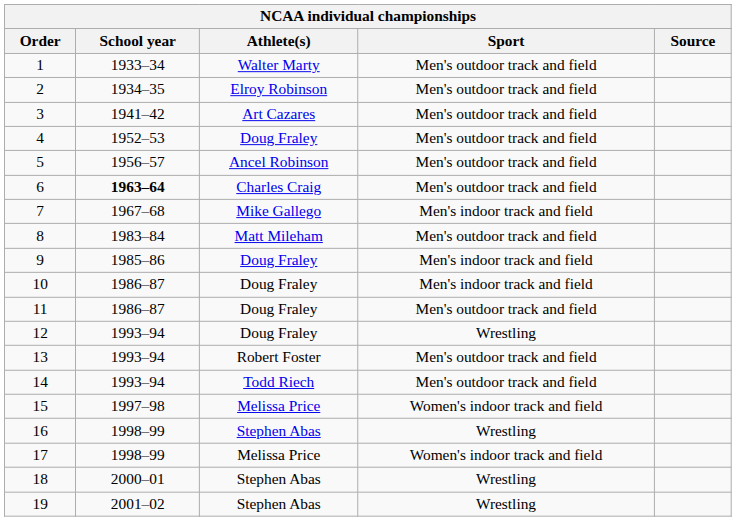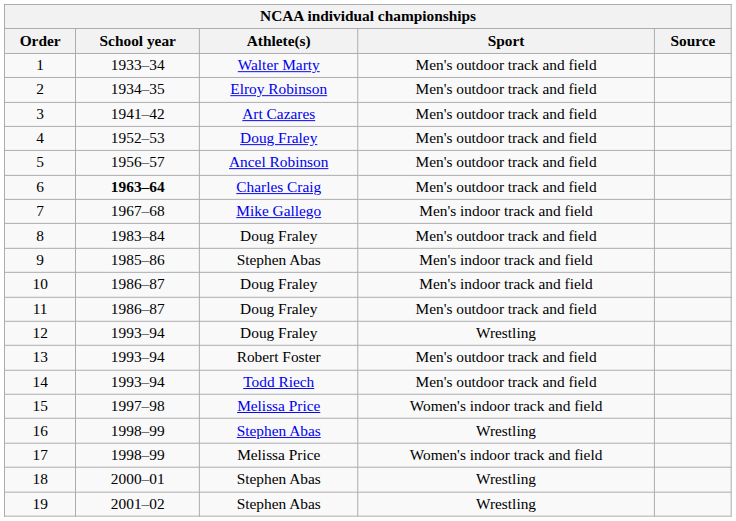 <table class="wikitable sortable" width="60%">
 <tr align="center">
 <th colspan=5>NCAA individual championships</th>
 </tr>
 <tr>
 <th>Order</th>
 <th>School year</th>
 <th>Athlete(s)</th>
 <th>Sport</th>
 <th>Source</th>
 </tr>
 <tr align="center" bgcolor="">
 <td>1</td>
 <td>1933–34</td>
 <td><a href='#'>Walter Marty</a></td>
 <td>Men's outdoor track and field</td>
 <td></td>
 </tr>
 <tr align="center" bgcolor="">
 <td>2</td>
 <td>1934–35</td>
 <td><a href='#'>Elroy Robinson</a></td>
 <td>Men's outdoor track and field</td>
 <td></td>
 </tr>
 <tr align="center" bgcolor="">
 <td>3</td>
 <td>1941–42</td>
 <td><a href='#'>Art Cazares</a></td>
 <td>Men's outdoor track and field</td>
 <td></td>
 </tr>
 <tr align="center" bgcolor="">
 <td>4</td>
 <td>1952–53</td>
 <td><a href='#'>Doug Fraley</a></td>
 <td>Men's outdoor track and field</td>
 <td></td>
 </tr>
 <tr align="center" bgcolor="">
 <td>5</td>
 <td>1956–57</td>
 <td><a href='#'>Ancel Robinson</a></td>
 <td>Men's outdoor track and field</td>
 <td></td>
 </tr>
 <tr align="center" bgcolor="">
 <td>6</td>
 <td><strong>1963–64</strong></td>
 <td><a href='#'>Charles Craig</a></td>
 <td>Men's outdoor track and field</td>
 <td></td>
 </tr>
 <tr align="center" bgcolor="">
 <td>7</td>
 <td>1967–68</td>
 <td><a href='#'>Mike Gallego</a></td>
 <td>Men's indoor track and field</td>
 <td></td>
 </tr>
 <tr align="center" bgcolor="">
 <td>8</td>
 <td>1983–84</td>
-<td><a href='#'>Matt Mileham</a></td>
+<td>Doug Fraley</td>
 <td>Men's outdoor track and field</td>
 <td></td>
 </tr>
 <tr align="center" bgcolor="">
 <td>9</td>
 <td>1985–86</td>
-<td><a href='#'>Doug Fraley</a></td>
+<td>Stephen Abas</td>
 <td>Men's indoor track and field</td>
 <td></td>
 </tr>
 <tr align="center" bgcolor="">
 <td>10</td>
 <td>1986–87</td>
 <td>Doug Fraley</td>
 <td>Men's indoor track and field</td>
 <td></td>
 </tr>
 <tr align="center" bgcolor="">
 <td>11</td>
 <td>1986–87</td>
 <td>Doug Fraley</td>
 <td>Men's outdoor track and field</td>
 <td></td>
 </tr>
 <tr align="center" bgcolor="">
 <td>12</td>
 <td>1993–94</td>
 <td>Doug Fraley</td>
 <td>Wrestling</td>
 <td></td>
 </tr>
 <tr align="center" bgcolor="">
 <td>13</td>
 <td>1993–94</td>
 <td>Robert Foster</td>
 <td>Men's outdoor track and field</td>
 <td></td>
 </tr>
 <tr align="center" bgcolor="">
 <td>14</td>
 <td>1993–94</td>
 <td><a href='#'>Todd Riech</a></td>
 <td>Men's outdoor track and field</td>
 <td></td>
 </tr>
 <tr align="center" bgcolor="">
 <td>15</td>
 <td>1997–98</td>
 <td><a href='#'>Melissa Price</a></td>
 <td>Women's indoor track and field</td>
 <td></td>
 </tr>
 <tr align="center" bgcolor="">
 <td>16</td>
 <td>1998–99</td>
 <td><a href='#'>Stephen Abas</a></td>
 <td>Wrestling</td>
 <td></td>
 </tr>
 <tr align="center" bgcolor="">
 <td>17</td>
 <td>1998–99</td>
 <td>Melissa Price</td>
 <td>Women's indoor track and field</td>
 <td></td>
 </tr>
 <tr align="center" bgcolor="">
 <td>18</td>
 <td>2000–01</td>
 <td>Stephen Abas</td>
 <td>Wrestling</td>
 <td></td>
 </tr>
 <tr align="center" bgcolor="">
 <td>19</td>
 <td>2001–02</td>
 <td>Stephen Abas</td>
 <td>Wrestling</td>
 <td></td>
 </tr>
 </table>
